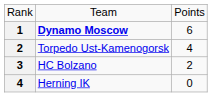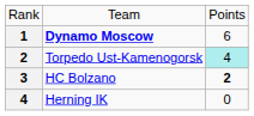 <table class="wikitable" style="text-align: center;">
 <tr>
 <td>Rank</td>
 <td>Team</td>
 <td>Points</td>
 </tr>
 <tr>
 <th>1</th>
 <td style="text-align: left;"> <strong><a href='#'>Dynamo Moscow</a></strong></td>
 <td>6</td>
 </tr>
 <tr>
 <th>2</th>
 <td style="text-align: left;"> <a href='#'>Torpedo Ust-Kamenogorsk</a></td>
-<td>4</td>
+<td style="background: paleturquoise;">4</td>
 </tr>
 <tr>
 <th>3</th>
 <td style="text-align: left;"> <a href='#'>HC Bolzano</a></td>
-<td>2</td>
+<td><strong>2</strong></td>
 </tr>
 <tr>
 <th>4</th>
 <td style="text-align: left;"> <a href='#'>Herning IK</a></td>
 <td>0</td>
 </tr>
 </table>
